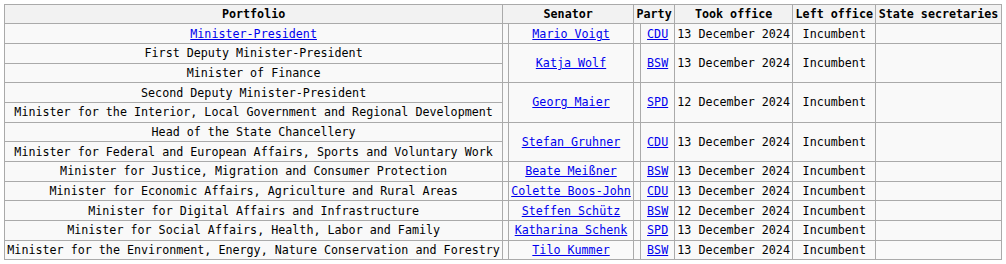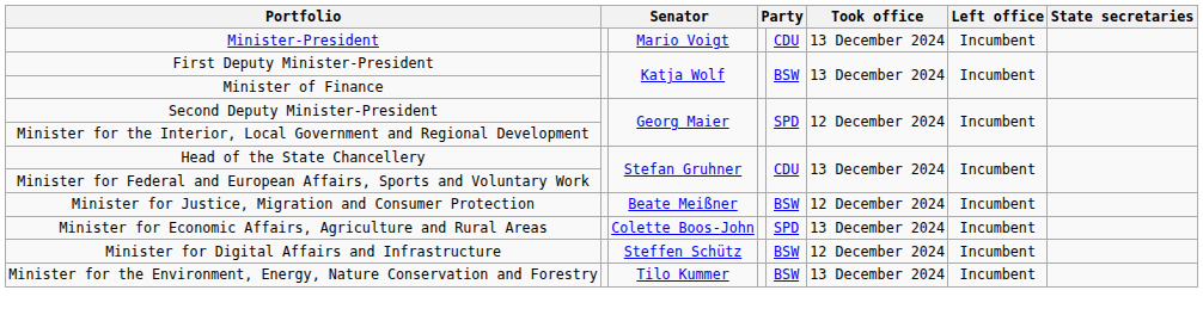 <table class=wikitable style="text-align:center; font-size:90%">
 <tr>
 <th>Portfolio</th>
 <th colspan=2>Senator</th>
 <th colspan=2>Party</th>
 <th>Took office</th>
 <th>Left office</th>
 <th>State secretaries</th>
 </tr>
 <tr>
 <td><a href='#'>Minister-President</a></td>
 <td></td>
 <td><a href='#'>Mario Voigt</a><br></td>
 <td bgcolor=></td>
 <td><a href='#'>CDU</a></td>
 <td>13 December 2024</td>
 <td>Incumbent</td>
 <td></td>
 </tr>
 <tr>
 <td>First Deputy Minister-President</td>
 <td rowspan=2></td>
 <td rowspan=2><a href='#'>Katja Wolf</a><br></td>
 <td rowspan=2 bgcolor=></td>
 <td rowspan=2><a href='#'>BSW</a></td>
 <td rowspan="2">13 December 2024</td>
 <td rowspan="2">Incumbent</td>
 <td rowspan=2></td>
 </tr>
 <tr>
 <td>Minister of Finance</td>
 </tr>
 <tr>
 <td>Second Deputy Minister-President</td>
 <td rowspan="2"></td>
 <td rowspan="2"><a href='#'>Georg Maier</a><br></td>
 <td rowspan="2"></td>
 <td rowspan="2"><a href='#'>SPD</a></td>
 <td rowspan="2">12 December 2024</td>
 <td rowspan="2">Incumbent</td>
 <td rowspan="2"></td>
 </tr>
 <tr>
 <td>Minister for the Interior, Local Government and Regional Development</td>
 </tr>
 <tr>
 <td>Head of the State Chancellery</td>
 <td rowspan="2"></td>
 <td rowspan="2"><a href='#'>Stefan Gruhner</a><br></td>
 <td rowspan="2"></td>
 <td rowspan="2"><a href='#'>CDU</a></td>
 <td rowspan="2">13 December 2024</td>
 <td rowspan="2">Incumbent</td>
 <td rowspan="2"></td>
 </tr>
 <tr>
 <td>Minister for Federal and European Affairs, Sports and Voluntary Work</td>
 </tr>
 <tr>
 <td>Minister for Justice, Migration and Consumer Protection</td>
 <td></td>
 <td><a href='#'>Beate Meißner</a><br></td>
 <td bgcolor=></td>
 <td><a href='#'>BSW</a></td>
-<td>13 December 2024</td>
+<td>12 December 2024</td>
 <td>Incumbent</td>
 <td></td>
 </tr>
 <tr>
 <td>Minister for Economic Affairs, Agriculture and Rural Areas</td>
 <td></td>
 <td><a href='#'>Colette Boos-John</a><br></td>
 <td bgcolor=></td>
-<td><a href='#'>CDU</a></td>
+<td><a href='#'>SPD</a></td>
 <td>13 December 2024</td>
 <td>Incumbent</td>
 <td></td>
 </tr>
 <tr>
 <td>Minister for Digital Affairs and Infrastructure</td>
 <td></td>
 <td><a href='#'>Steffen Schütz</a><br></td>
 <td bgcolor=></td>
 <td><a href='#'>BSW</a></td>
 <td>12 December 2024</td>
 <td>Incumbent</td>
 <td></td>
 </tr>
 <tr>
-<td>Minister for Social Affairs, Health, Labor and Family</td>
-<td></td>
-<td><a href='#'>Katharina Schenk</a><br></td>
-<td bgcolor=></td>
-<td><a href='#'>SPD</a></td>
-<td>13 December 2024</td>
-<td>Incumbent</td>
-<td></td>
-</tr>
-<tr>
 <td>Minister for the Environment, Energy, Nature Conservation and Forestry</td>
 <td></td>
 <td><a href='#'>Tilo Kummer</a><br></td>
 <td bgcolor=></td>
 <td><a href='#'>BSW</a></td>
 <td>13 December 2024</td>
 <td>Incumbent</td>
 <td></td>
 </tr>
 </table>
